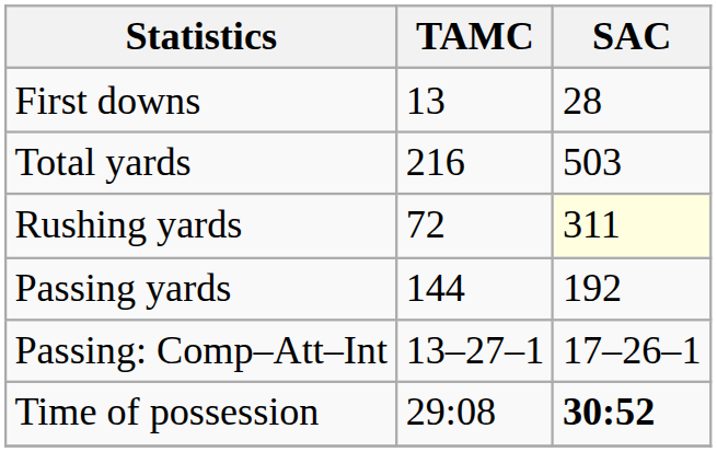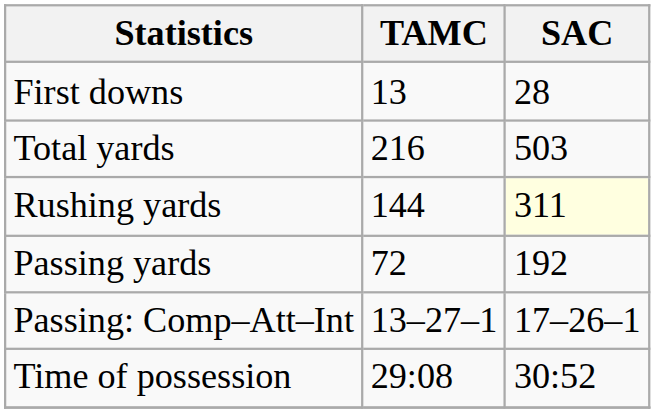 <table class="wikitable" style="float: left;">
 <tr>
 <th>Statistics</th>
 <th>TAMC</th>
 <th>SAC</th>
 </tr>
 <tr>
 <td>First downs</td>
 <td>13</td>
 <td>28</td>
 </tr>
 <tr>
 <td>Total yards</td>
 <td>216</td>
 <td>503</td>
 </tr>
 <tr>
 <td>Rushing yards</td>
-<td>72</td>
+<td>144</td>
 <td style="background: lightyellow;">311</td>
 </tr>
 <tr>
 <td>Passing yards</td>
-<td>144</td>
+<td>72</td>
 <td>192</td>
 </tr>
 <tr>
 <td>Passing: Comp–Att–Int</td>
 <td>13–27–1</td>
 <td>17–26–1</td>
 </tr>
 <tr>
 <td>Time of possession</td>
 <td>29:08</td>
-<td><strong>30:52</strong></td>
+<td>30:52</td>
 </tr>
 <tr>
 </tr>
 </table>
